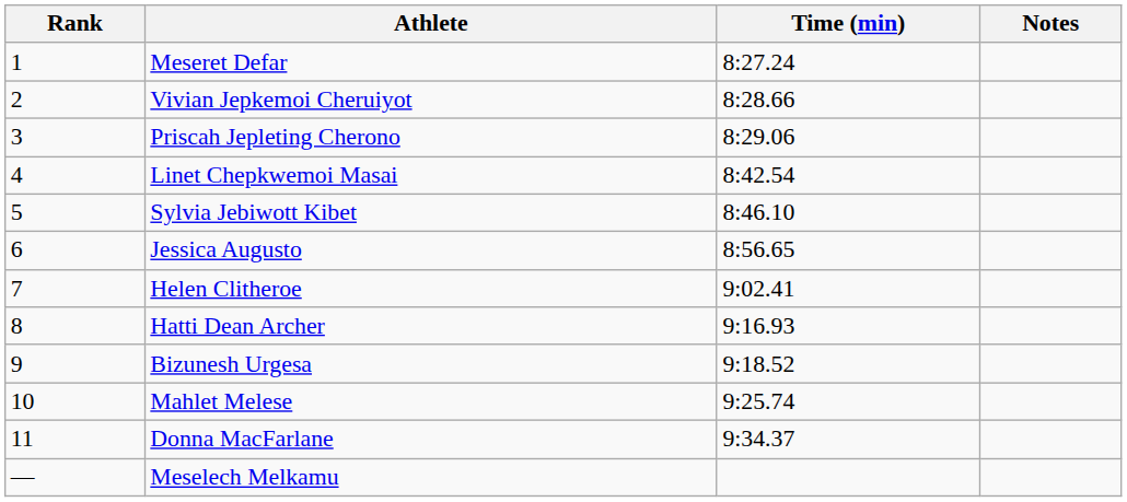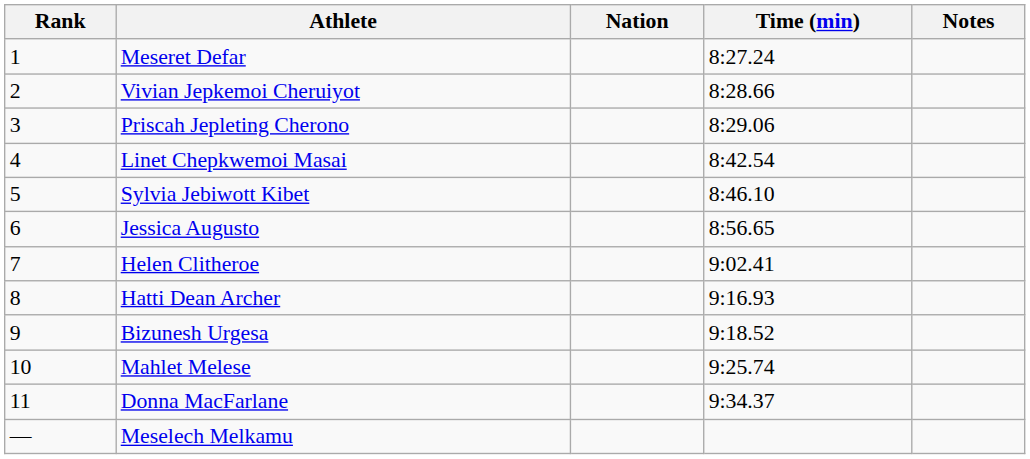 <table class="wikitable" style="text=align:center;" width=85%>
 <tr>
 <th>Rank</th>
 <th>Athlete</th>
+<th>Nation</th>
 <th>Time (<a href='#'>min</a>)</th>
 <th>Notes</th>
 </tr>
 <tr>
 <td>1</td>
 <td><a href='#'>Meseret Defar</a></td>
+<td></td>
 <td>8:27.24</td>
 <td></td>
 </tr>
 <tr>
 <td>2</td>
 <td><a href='#'>Vivian Jepkemoi Cheruiyot</a></td>
+<td></td>
 <td>8:28.66</td>
 <td></td>
 </tr>
 <tr>
 <td>3</td>
 <td><a href='#'>Priscah Jepleting Cherono</a></td>
+<td></td>
 <td>8:29.06</td>
 <td></td>
 </tr>
 <tr>
 <td>4</td>
 <td><a href='#'>Linet Chepkwemoi Masai</a></td>
+<td></td>
 <td>8:42.54</td>
 <td></td>
 </tr>
 <tr>
 <td>5</td>
 <td><a href='#'>Sylvia Jebiwott Kibet</a></td>
+<td></td>
 <td>8:46.10</td>
 <td></td>
 </tr>
 <tr>
 <td>6</td>
 <td><a href='#'>Jessica Augusto</a></td>
+<td></td>
 <td>8:56.65</td>
 <td></td>
 </tr>
 <tr>
 <td>7</td>
 <td><a href='#'>Helen Clitheroe</a></td>
+<td></td>
 <td>9:02.41</td>
 <td></td>
 </tr>
 <tr>
 <td>8</td>
 <td><a href='#'>Hatti Dean Archer</a></td>
+<td></td>
 <td>9:16.93</td>
 <td></td>
 </tr>
 <tr>
 <td>9</td>
 <td><a href='#'>Bizunesh Urgesa</a></td>
+<td></td>
 <td>9:18.52</td>
 <td></td>
 </tr>
 <tr>
 <td>10</td>
 <td><a href='#'>Mahlet Melese</a></td>
+<td></td>
 <td>9:25.74</td>
 <td></td>
 </tr>
 <tr>
 <td>11</td>
 <td><a href='#'>Donna MacFarlane</a></td>
+<td></td>
 <td>9:34.37</td>
 <td></td>
 </tr>
 <tr>
 <td>—</td>
 <td><a href='#'>Meselech Melkamu</a></td>
 <td></td>
 <td></td>
+<td></td>
 </tr>
 </table>
